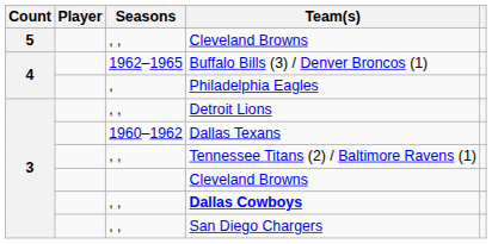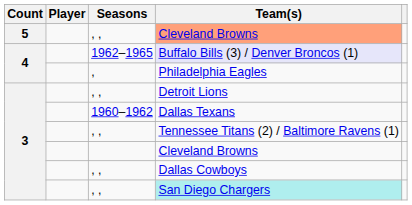 <table class="sortable wikitable">
 <tr>
 <th scope=col>Count</th>
 <th scope=col>Player</th>
 <th scope=col class= "unsortable">Seasons</th>
 <th scope=col class= "unsortable">Team(s)</th>
 <th scope=col class= "unsortable"></th>
 </tr>
 <tr>
 <th scope=row>5</th>
 <td></td>
 <td>, , </td>
-<td><a href='#'>Cleveland Browns</a></td>
+<td style="background: lightsalmon;"><a href='#'>Cleveland Browns</a></td>
 <td></td>
 </tr>
 <tr>
 <th scope=rowgroup rowspan=2>4</th>
 <td></td>
 <td><a href='#'>1962</a>–<a href='#'>1965</a></td>
-<td><a href='#'>Buffalo Bills</a> (3) / <a href='#'>Denver Broncos</a> (1)</td>
+<td style="background: lavender;"><a href='#'>Buffalo Bills</a> (3) / <a href='#'>Denver Broncos</a> (1)</td>
 <td></td>
 </tr>
 <tr>
 <td></td>
 <td>, </td>
 <td><a href='#'>Philadelphia Eagles</a></td>
 <td></td>
 </tr>
 <tr>
 <th scope=rowgroup rowspan=6>3</th>
 <td></td>
 <td>, , </td>
 <td><a href='#'>Detroit Lions</a></td>
 <td></td>
 </tr>
 <tr>
 <td></td>
 <td><a href='#'>1960</a>–<a href='#'>1962</a></td>
 <td><a href='#'>Dallas Texans</a></td>
 <td></td>
 </tr>
 <tr>
 <td></td>
 <td>, , </td>
 <td><a href='#'>Tennessee Titans</a> (2) / <a href='#'>Baltimore Ravens</a> (1)</td>
 <td></td>
 </tr>
 <tr>
 <td></td>
 <td></td>
 <td><a href='#'>Cleveland Browns</a></td>
 <td></td>
 </tr>
 <tr>
 <td></td>
 <td>, , </td>
-<td><strong><a href='#'>Dallas Cowboys</a></strong></td>
+<td><a href='#'>Dallas Cowboys</a></td>
 <td></td>
 </tr>
 <tr>
 <td></td>
 <td>, , </td>
-<td><a href='#'>San Diego Chargers</a></td>
+<td style="background: paleturquoise;"><a href='#'>San Diego Chargers</a></td>
 <td></td>
 </tr>
 </table>
